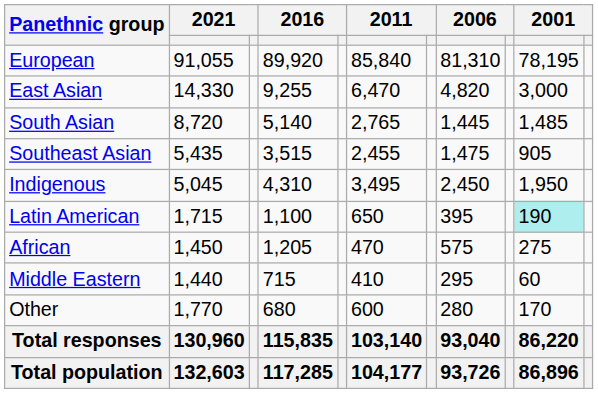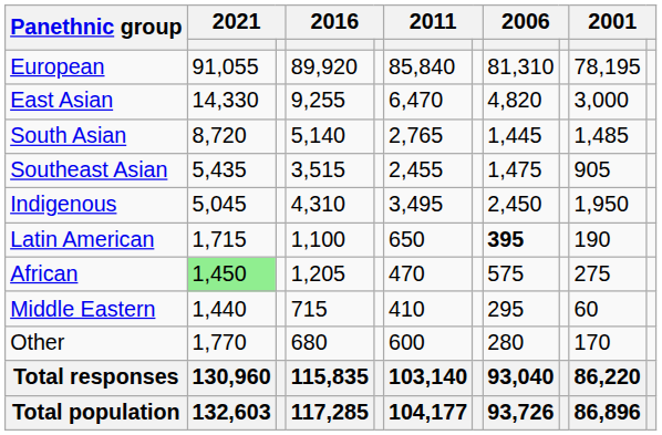 <table class="wikitable collapsible sortable">
 <tr>
 <th rowspan="2"><a href='#'>Panethnic</a> group</th>
 <th colspan="2">2021</th>
 <th colspan="2">2016</th>
 <th colspan="2">2011</th>
 <th colspan="2">2006</th>
 <th colspan="2">2001</th>
 </tr>
 <tr>
 <th><a href='#'></a></th>
 <th></th>
 <th></th>
 <th></th>
 <th></th>
 <th></th>
 <th></th>
 <th></th>
 <th></th>
 <th></th>
 </tr>
 <tr>
 <td><a href='#'>European</a></td>
 <td>91,055</td>
 <td></td>
 <td>89,920</td>
 <td></td>
 <td>85,840</td>
 <td></td>
 <td>81,310</td>
 <td></td>
 <td>78,195</td>
 <td></td>
 </tr>
 <tr>
 <td><a href='#'>East Asian</a></td>
 <td>14,330</td>
 <td></td>
 <td>9,255</td>
 <td></td>
 <td>6,470</td>
 <td></td>
 <td>4,820</td>
 <td></td>
 <td>3,000</td>
 <td></td>
 </tr>
 <tr>
 <td><a href='#'>South Asian</a></td>
 <td>8,720</td>
 <td></td>
 <td>5,140</td>
 <td></td>
 <td>2,765</td>
 <td></td>
 <td>1,445</td>
 <td></td>
 <td>1,485</td>
 <td></td>
 </tr>
 <tr>
 <td><a href='#'>Southeast Asian</a></td>
 <td>5,435</td>
 <td></td>
 <td>3,515</td>
 <td></td>
 <td>2,455</td>
 <td></td>
 <td>1,475</td>
 <td></td>
 <td>905</td>
 <td></td>
 </tr>
 <tr>
 <td><a href='#'>Indigenous</a></td>
 <td>5,045</td>
 <td></td>
 <td>4,310</td>
 <td></td>
 <td>3,495</td>
 <td></td>
 <td>2,450</td>
 <td></td>
 <td>1,950</td>
 <td></td>
 </tr>
 <tr>
 <td><a href='#'>Latin American</a></td>
 <td>1,715</td>
 <td></td>
 <td>1,100</td>
 <td></td>
 <td>650</td>
 <td></td>
-<td>395</td>
+<td><strong>395</strong></td>
 <td></td>
-<td style="background: paleturquoise;">190</td>
+<td>190</td>
 <td></td>
 </tr>
 <tr>
 <td><a href='#'>African</a></td>
-<td>1,450</td>
+<td style="background: lightgreen;">1,450</td>
 <td></td>
 <td>1,205</td>
 <td></td>
 <td>470</td>
 <td></td>
 <td>575</td>
 <td></td>
 <td>275</td>
 <td></td>
 </tr>
 <tr>
 <td><a href='#'>Middle Eastern</a></td>
 <td>1,440</td>
 <td></td>
 <td>715</td>
 <td></td>
 <td>410</td>
 <td></td>
 <td>295</td>
 <td></td>
 <td>60</td>
 <td></td>
 </tr>
 <tr>
 <td>Other</td>
 <td>1,770</td>
 <td></td>
 <td>680</td>
 <td></td>
 <td>600</td>
 <td></td>
 <td>280</td>
 <td></td>
 <td>170</td>
 <td></td>
 </tr>
 <tr>
 <th>Total responses</th>
 <th>130,960</th>
 <th></th>
 <th>115,835</th>
 <th></th>
 <th>103,140</th>
 <th></th>
 <th>93,040</th>
 <th></th>
 <th>86,220</th>
 <th></th>
 </tr>
 <tr>
 <th>Total population</th>
 <th>132,603</th>
 <th></th>
 <th>117,285</th>
 <th></th>
 <th>104,177</th>
 <th></th>
 <th>93,726</th>
 <th></th>
 <th>86,896</th>
 <th></th>
 </tr>
 </table>
